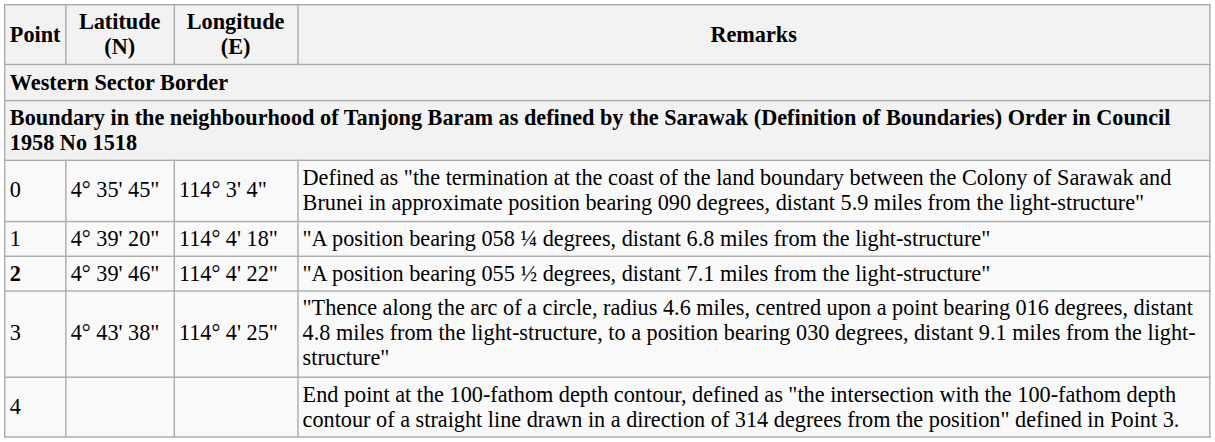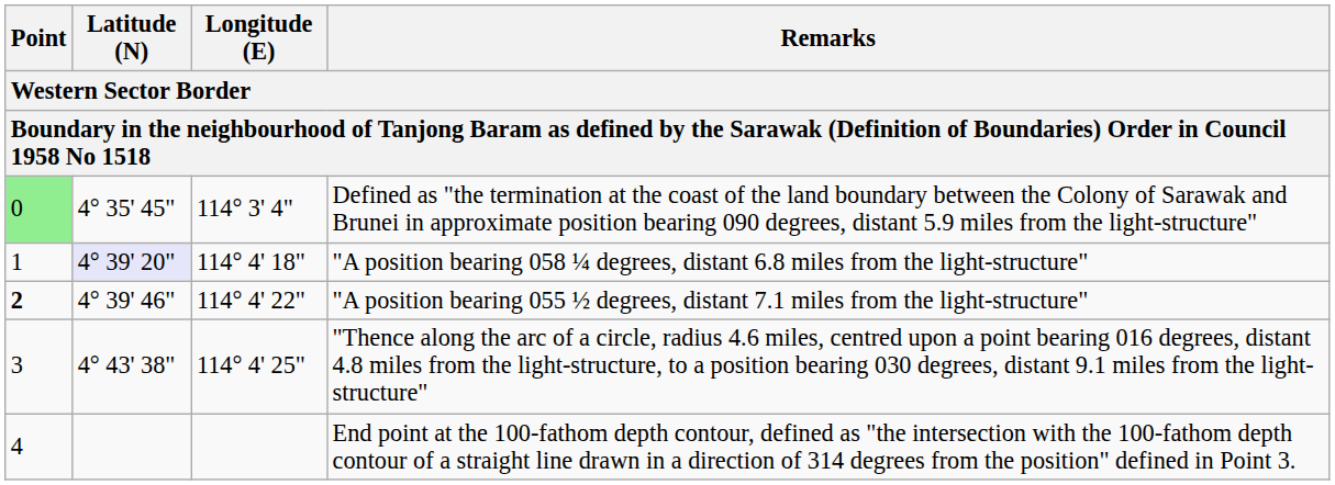 <table class="wikitable">
 <tr>
 <th>Point</th>
 <th>Latitude (N)</th>
 <th>Longitude (E)</th>
 <th>Remarks</th>
 </tr>
 <tr>
 <th colspan="5" style="text-align:left">Western Sector Border</th>
 </tr>
 <tr>
 <th colspan="5" style="text-align:left">Boundary in the neighbourhood of Tanjong Baram as defined by the Sarawak (Definition of Boundaries) Order in Council 1958 No 1518</th>
 </tr>
 <tr>
-<td>0</td>
+<td style="background: lightgreen;">0</td>
 <td>4° 35' 45"</td>
 <td>114° 3' 4"</td>
 <td>Defined as "the termination at the coast of the land boundary between the Colony of Sarawak and Brunei in approximate position bearing 090 degrees, distant 5.9 miles from the light-structure"</td>
 </tr>
 <tr>
 <td>1</td>
-<td>4° 39' 20"</td>
+<td style="background: lavender;">4° 39' 20"</td>
 <td>114° 4' 18"</td>
 <td>"A position bearing 058 ¼ degrees, distant 6.8 miles from the light-structure"</td>
 </tr>
 <tr>
 <td><strong>2</strong></td>
 <td>4° 39' 46"</td>
 <td>114° 4' 22"</td>
 <td>"A position bearing 055 ½ degrees, distant 7.1 miles from the light-structure"</td>
 </tr>
 <tr>
 <td>3</td>
 <td>4° 43' 38"</td>
 <td>114° 4' 25"</td>
 <td>"Thence along the arc of a circle, radius 4.6 miles, centred upon a point bearing 016 degrees, distant 4.8 miles from the light-structure, to a position bearing 030 degrees, distant 9.1 miles from the light-structure"</td>
 </tr>
 <tr>
 <td>4</td>
 <td></td>
 <td></td>
 <td>End point at the 100-fathom depth contour, defined as "the intersection with the 100-fathom depth contour of a straight line drawn in a direction of 314 degrees from the position" defined in Point 3.</td>
 </tr>
 </table>
